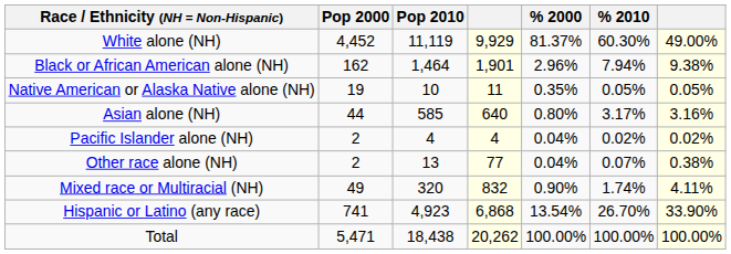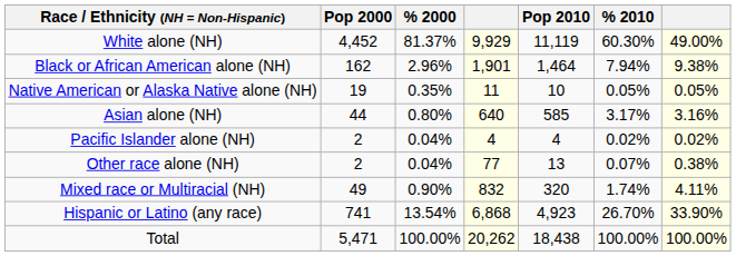 <table class="wikitable" style="text-align:center;">
 <tr>
 <th>Race / Ethnicity <small>(<em>NH = Non-Hispanic</em>)</small></th>
 <th>Pop 2000</th>
+<th>% 2000</th>
+<th></th>
 <th>Pop 2010</th>
-<th></th>
-<th>% 2000</th>
 <th>% 2010</th>
 <th></th>
 </tr>
 <tr>
 <td><a href='#'>White</a> alone (NH)</td>
 <td>4,452</td>
+<td>81.37%</td>
+<td style='background: #ffffe6;'>9,929</td>
 <td>11,119</td>
-<td style='background: #ffffe6;'>9,929</td>
-<td>81.37%</td>
 <td>60.30%</td>
 <td style='background: #ffffe6;'>49.00%</td>
 </tr>
 <tr>
 <td><a href='#'>Black or African American</a> alone (NH)</td>
 <td>162</td>
+<td>2.96%</td>
+<td style='background: #ffffe6;'>1,901</td>
 <td>1,464</td>
-<td style='background: #ffffe6;'>1,901</td>
-<td>2.96%</td>
 <td>7.94%</td>
 <td style='background: #ffffe6;'>9.38%</td>
 </tr>
 <tr>
 <td><a href='#'>Native American</a> or <a href='#'>Alaska Native</a> alone (NH)</td>
 <td>19</td>
+<td>0.35%</td>
+<td style='background: #ffffe6;'>11</td>
 <td>10</td>
-<td style='background: #ffffe6;'>11</td>
-<td>0.35%</td>
 <td>0.05%</td>
 <td style='background: #ffffe6;'>0.05%</td>
 </tr>
 <tr>
 <td><a href='#'>Asian</a> alone (NH)</td>
 <td>44</td>
+<td>0.80%</td>
+<td style='background: #ffffe6;'>640</td>
 <td>585</td>
-<td style='background: #ffffe6;'>640</td>
-<td>0.80%</td>
 <td>3.17%</td>
 <td style='background: #ffffe6;'>3.16%</td>
 </tr>
 <tr>
 <td><a href='#'>Pacific Islander</a> alone (NH)</td>
 <td>2</td>
+<td>0.04%</td>
+<td style='background: #ffffe6;'>4</td>
 <td>4</td>
-<td style='background: #ffffe6;'>4</td>
-<td>0.04%</td>
 <td>0.02%</td>
 <td style='background: #ffffe6;'>0.02%</td>
 </tr>
 <tr>
 <td><a href='#'>Other race</a> alone (NH)</td>
 <td>2</td>
+<td>0.04%</td>
+<td style='background: #ffffe6;'>77</td>
 <td>13</td>
-<td style='background: #ffffe6;'>77</td>
-<td>0.04%</td>
 <td>0.07%</td>
 <td style='background: #ffffe6;'>0.38%</td>
 </tr>
 <tr>
 <td><a href='#'>Mixed race or Multiracial</a> (NH)</td>
 <td>49</td>
+<td>0.90%</td>
+<td style='background: #ffffe6;'>832</td>
 <td>320</td>
-<td style='background: #ffffe6;'>832</td>
-<td>0.90%</td>
 <td>1.74%</td>
 <td style='background: #ffffe6;'>4.11%</td>
 </tr>
 <tr>
 <td><a href='#'>Hispanic or Latino</a> (any race)</td>
 <td>741</td>
+<td>13.54%</td>
+<td style='background: #ffffe6;'>6,868</td>
 <td>4,923</td>
-<td style='background: #ffffe6;'>6,868</td>
-<td>13.54%</td>
 <td>26.70%</td>
 <td style='background: #ffffe6;'>33.90%</td>
 </tr>
 <tr>
 <td>Total</td>
 <td>5,471</td>
+<td>100.00%</td>
+<td style='background: #ffffe6;'>20,262</td>
 <td>18,438</td>
-<td style='background: #ffffe6;'>20,262</td>
-<td>100.00%</td>
 <td>100.00%</td>
 <td style='background: #ffffe6;'>100.00%</td>
 </tr>
 </table>
